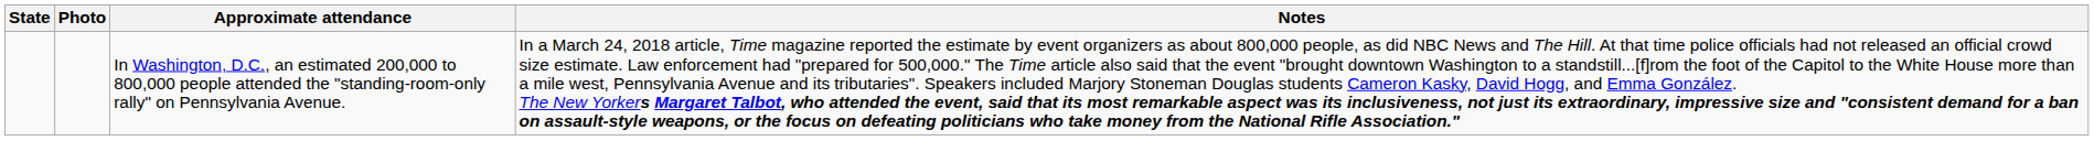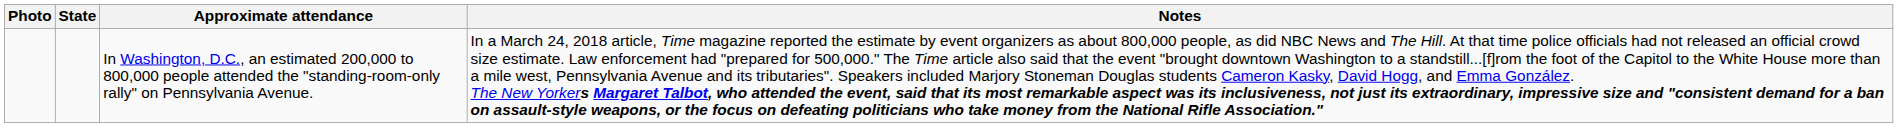 <table class="wikitable sortable">
 <tr c>
+<th scope="col" class="unsortable">Photo</th>
 <th scope="col">State</th>
-<th scope="col" class="unsortable">Photo</th>
 <th scope="col" data-sort-type="number">Approximate attendance</th>
 <th scope="col" class="unsortable">Notes</th>
 </tr>
 <tr s>
+<td></td>
 <td style="text-align:center"></td>
-<td></td>
 <td data-sort-value="300,000">In <a href='#'>Washington, D.C.</a>, an estimated 200,000 to 800,000 people attended the "standing-room-only rally" on Pennsylvania Avenue.</td>
 <td>In a March 24, 2018 article, <em>Time</em> magazine reported the estimate by event organizers as about 800,000 people, as did NBC News and <em>The Hill</em>. At that time police officials had not released an official crowd size estimate. Law enforcement had "prepared for 500,000." The <em>Time</em> article also said that the event "brought downtown Washington to a standstill...[f]rom the foot of the Capitol to the White House more than a mile west, Pennsylvania Avenue and its tributaries". Speakers included Marjory Stoneman Douglas students <a href='#'>Cameron Kasky</a>, <a href='#'>David Hogg</a>, and <a href='#'>Emma González</a>.<br><em><a href='#'>The New Yorker</a><strong>s <a href='#'>Margaret Talbot</a>, who attended the event, said that its most remarkable aspect was its inclusiveness, not just its extraordinary, impressive size and "consistent demand for a ban on assault-style weapons, or the focus on defeating politicians who take money from the National Rifle Association."</td>
 </tr>
 </table>
